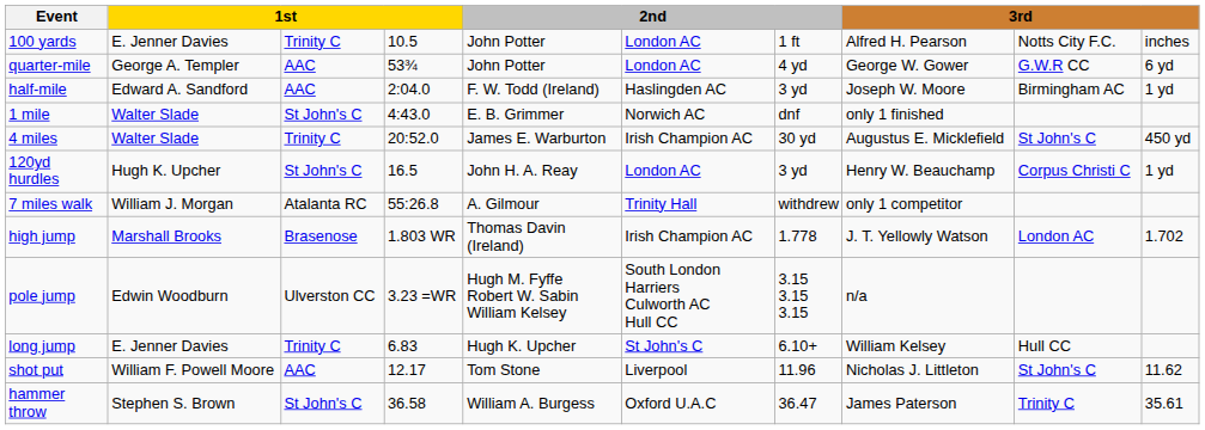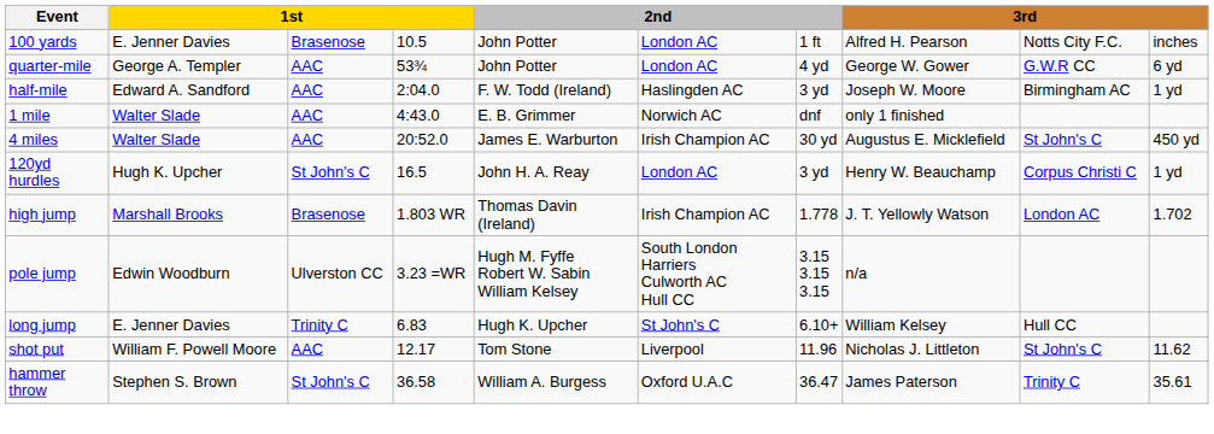 <table class="wikitable" style="text-align:left">
 <tr>
 <th width=100>Event</th>
 <th colspan="3" width="380" style="background:gold;">1st</th>
 <th colspan="3" width="380" style="background:silver;">2nd</th>
 <th colspan="3" width="380" style="background:#CD7F32;">3rd</th>
 </tr>
 <tr>
 <td><a href='#'>100 yards</a></td>
 <td>E. Jenner Davies</td>
-<td><a href='#'>Trinity C</a></td>
+<td><a href='#'>Brasenose</a></td>
 <td>10.5</td>
 <td>John Potter</td>
 <td><a href='#'>London AC</a></td>
 <td>1 ft</td>
 <td>Alfred H. Pearson</td>
 <td>Notts City F.C.</td>
 <td>inches</td>
 </tr>
 <tr>
 <td><a href='#'>quarter-mile</a></td>
 <td>George A. Templer</td>
 <td><a href='#'>AAC</a></td>
 <td>53¾</td>
 <td>John Potter</td>
 <td><a href='#'>London AC</a></td>
 <td>4 yd</td>
 <td>George W. Gower</td>
 <td><a href='#'>G.W.R</a> CC</td>
 <td>6 yd</td>
 </tr>
 <tr>
 <td><a href='#'>half-mile</a></td>
 <td>Edward A. Sandford</td>
 <td><a href='#'>AAC</a></td>
 <td>2:04.0</td>
 <td>F. W. Todd	(Ireland)</td>
 <td>Haslingden AC</td>
 <td>3 yd</td>
 <td>Joseph W. Moore</td>
 <td>Birmingham AC</td>
 <td>1 yd</td>
 </tr>
 <tr>
 <td><a href='#'>1 mile</a></td>
 <td><a href='#'>Walter Slade</a></td>
-<td><a href='#'>St John's C</a></td>
+<td><a href='#'>AAC</a></td>
 <td>4:43.0</td>
 <td>E. B. Grimmer</td>
 <td>Norwich AC</td>
 <td>dnf</td>
 <td>only 1 finished</td>
 <td></td>
 <td></td>
 </tr>
 <tr>
 <td><a href='#'>4 miles</a></td>
 <td><a href='#'>Walter Slade</a></td>
-<td><a href='#'>Trinity C</a></td>
+<td><a href='#'>AAC</a></td>
 <td>20:52.0</td>
 <td>James E. Warburton</td>
 <td>Irish Champion AC</td>
 <td>30 yd</td>
 <td>Augustus E. Micklefield</td>
 <td><a href='#'>St John's C</a></td>
 <td>450 yd</td>
 </tr>
 <tr>
 <td><a href='#'>120yd hurdles</a></td>
 <td>Hugh K. Upcher</td>
 <td><a href='#'>St John's C</a></td>
 <td>16.5</td>
 <td>John H. A. Reay</td>
 <td><a href='#'>London AC</a></td>
 <td>3 yd</td>
 <td>Henry W. Beauchamp</td>
 <td><a href='#'>Corpus Christi C</a></td>
 <td>1 yd</td>
-</tr>
-<tr>
-<td><a href='#'>7 miles walk</a></td>
-<td>William J. Morgan</td>
-<td>Atalanta RC</td>
-<td>55:26.8</td>
-<td>A. Gilmour</td>
-<td><a href='#'>Trinity Hall</a></td>
-<td>withdrew</td>
-<td>only 1 competitor</td>
-<td></td>
-<td></td>
 </tr>
 <tr>
 <td><a href='#'>high jump</a></td>
 <td><a href='#'>Marshall Brooks</a></td>
 <td><a href='#'>Brasenose</a></td>
 <td>1.803 WR</td>
 <td>Thomas Davin (Ireland)</td>
 <td>Irish Champion AC</td>
 <td>1.778</td>
 <td>J. T. Yellowly Watson</td>
 <td><a href='#'>London AC</a></td>
 <td>1.702</td>
 </tr>
 <tr>
 <td><a href='#'>pole jump</a></td>
 <td>Edwin Woodburn</td>
 <td>Ulverston CC</td>
 <td>3.23 =WR</td>
 <td>Hugh M. Fyffe<br> Robert W. Sabin<br>William Kelsey</td>
 <td>South London Harriers<br>Culworth AC<br>Hull CC</td>
 <td>3.15<br>3.15<br>3.15</td>
 <td>n/a</td>
 <td></td>
 <td></td>
 </tr>
 <tr>
 <td><a href='#'>long jump</a></td>
 <td>E. Jenner Davies</td>
 <td><a href='#'>Trinity C</a></td>
 <td>6.83</td>
 <td>Hugh K. Upcher</td>
 <td><a href='#'>St John's C</a></td>
 <td>6.10+</td>
 <td>William Kelsey</td>
 <td>Hull CC</td>
 <td></td>
 </tr>
 <tr>
 <td><a href='#'>shot put</a></td>
 <td>William F. Powell Moore</td>
 <td><a href='#'>AAC</a></td>
 <td>12.17</td>
 <td>Tom Stone</td>
 <td>Liverpool</td>
 <td>11.96</td>
 <td>Nicholas J. Littleton</td>
 <td><a href='#'>St John's C</a></td>
 <td>11.62</td>
 </tr>
 <tr>
 <td><a href='#'>hammer throw</a></td>
 <td>Stephen S. Brown</td>
 <td><a href='#'>St John's C</a></td>
 <td>36.58</td>
 <td>William A. Burgess</td>
 <td>Oxford U.A.C</td>
 <td>36.47</td>
 <td>James Paterson</td>
 <td><a href='#'>Trinity C</a></td>
 <td>35.61</td>
 </tr>
 </table>
